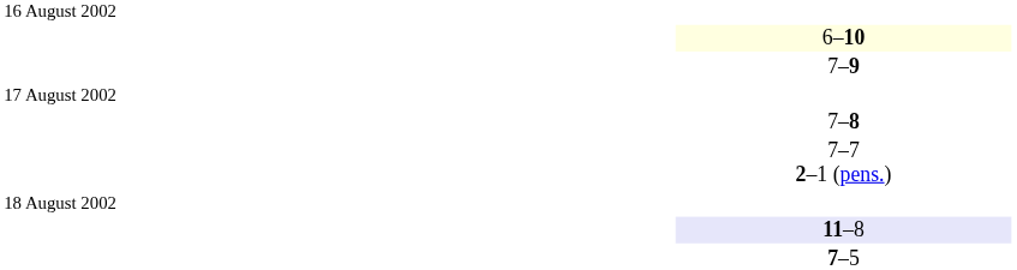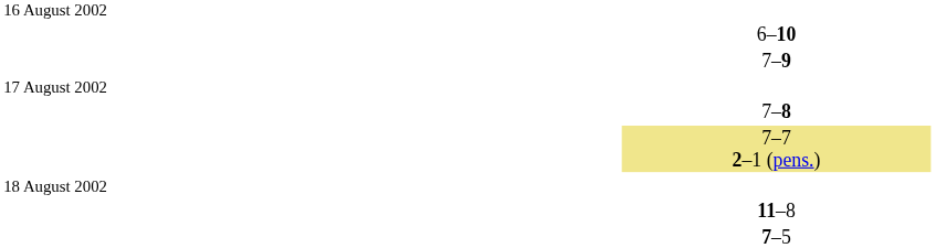 <table width=100% cellspacing=1>
 <tr>
 <th width=40%></th>
 <th width=20%></th>
 <th></th>
 </tr>
 <tr>
 <td><small>16 August 2002</small></td>
 </tr>
 <tr>
 <td align=right></td>
-<td align=center style="background: lightyellow;">6–<strong>10</strong></td>
+<td align=center>6–<strong>10</strong></td>
 <td><strong></strong></td>
 </tr>
 <tr>
 <td align=right></td>
 <td align=center>7–<strong>9</strong></td>
 <td><strong></strong></td>
 </tr>
 <tr>
 <td><small>17 August 2002</small></td>
 </tr>
 <tr>
 <td align=right></td>
 <td align=center>7–<strong>8</strong> </td>
 <td><strong></strong></td>
 </tr>
 <tr>
 <td align=right><strong></strong></td>
-<td align=center>7–7 <br><strong>2</strong>–1 (<a href='#'>pens.</a>)</td>
+<td align=center style="background: khaki;">7–7 <br><strong>2</strong>–1 (<a href='#'>pens.</a>)</td>
 <td></td>
 </tr>
 <tr>
 <td><small>18 August 2002</small></td>
 </tr>
 <tr>
 <td align=right><strong></strong></td>
-<td align=center style="background: lavender;"><strong>11</strong>–8</td>
+<td align=center><strong>11</strong>–8</td>
 <td></td>
 </tr>
 <tr>
 <td align=right><strong></strong></td>
 <td align=center><strong>7</strong>–5</td>
 <td></td>
 </tr>
 </table>
